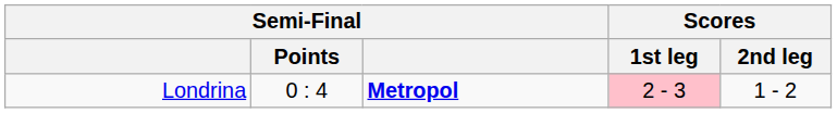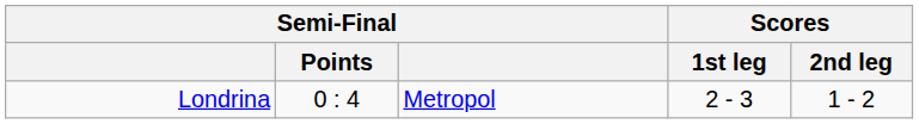 <table class="wikitable" style="text-align:center;">
 <tr>
 <th colspan=3>Semi-Final</th>
 <th colspan=3>Scores</th>
 </tr>
 <tr>
 <th width="175"></th>
 <th width="75">Points</th>
 <th width="175"></th>
 <th width="75">1st leg</th>
 <th width="75">2nd leg</th>
 </tr>
 <tr>
 <td align=right><a href='#'>Londrina</a></td>
 <td>0 : 4</td>
-<td align=left><strong><a href='#'>Metropol</a></strong></td>
-<td style="background: pink;">2 - 3</td>
+<td align=left><a href='#'>Metropol</a></td>
+<td>2 - 3</td>
 <td>1 - 2</td>
 </tr>
 </table>
